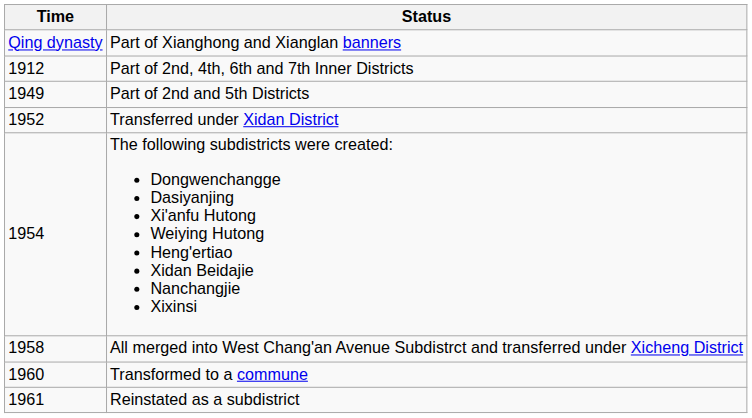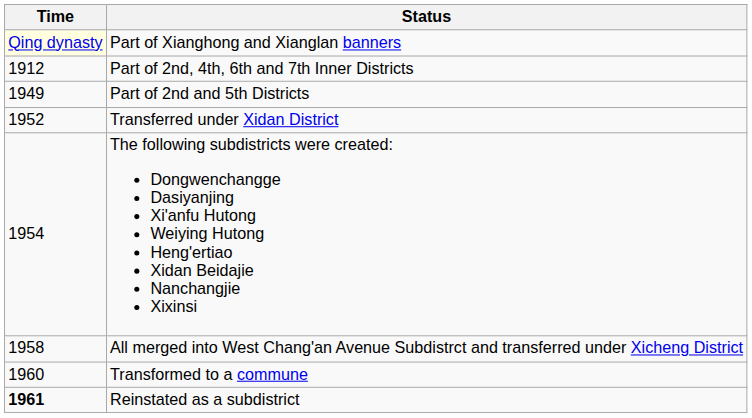 <table class="wikitable">
 <tr>
 <th>Time</th>
 <th>Status</th>
 </tr>
 <tr>
-<td><a href='#'>Qing dynasty</a></td>
+<td style="background: lightyellow;"><a href='#'>Qing dynasty</a></td>
 <td>Part of Xianghong and Xianglan <a href='#'>banners</a></td>
 </tr>
 <tr>
 <td>1912</td>
 <td>Part of 2nd, 4th, 6th and 7th Inner Districts</td>
 </tr>
 <tr>
 <td>1949</td>
 <td>Part of 2nd and 5th Districts</td>
 </tr>
 <tr>
 <td>1952</td>
 <td>Transferred under <a href='#'>Xidan District</a></td>
 </tr>
 <tr>
 <td>1954</td>
 <td>The following subdistricts were created:<br><ul><li>Dongwenchangge</li><li>Dasiyanjing</li><li>Xi'anfu Hutong</li><li>Weiying Hutong</li><li>Heng'ertiao</li><li>Xidan Beidajie</li><li>Nanchangjie</li><li>Xixinsi</li></ul></td>
 </tr>
 <tr>
 <td>1958</td>
 <td>All merged into West Chang'an Avenue Subdistrct and transferred under <a href='#'>Xicheng District</a></td>
 </tr>
 <tr>
 <td>1960</td>
 <td>Transformed to a <a href='#'>commune</a></td>
 </tr>
 <tr>
-<td>1961</td>
+<td><strong>1961</strong></td>
 <td>Reinstated as a subdistrict</td>
 </tr>
 </table>
